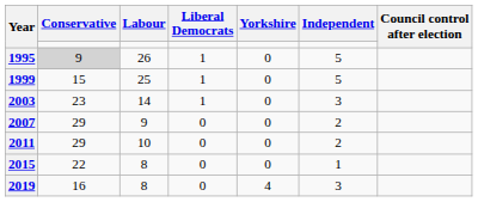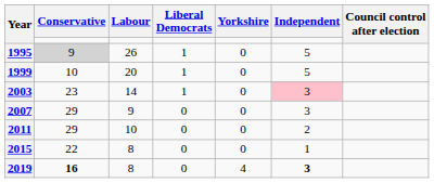 <table class="wikitable plainrowheaders" style="text-align:center">
 <tr>
 <th scope="col" rowspan="2">Year</th>
 <th scope="col"><a href='#'>Conservative</a></th>
 <th scope="col"><a href='#'>Labour</a></th>
 <th scope="col" style="width:1px"><a href='#'>Liberal Democrats</a></th>
 <th scope="col"><a href='#'>Yorkshire</a></th>
 <th scope="col"><a href='#'>Independent</a></th>
 <th scope="col" rowspan="2" colspan="2">Council control<br>after election</th>
 </tr>
 <tr>
 <td style="background:"></td>
 <td style="background:"></td>
 <td style="background:"></td>
 <td style="background:"></td>
 <td style="background:"></td>
 </tr>
 <tr>
 <th scope="row"><a href='#'>1995</a></th>
 <td style="background: lightgrey;">9</td>
 <td>26</td>
 <td>1</td>
 <td>0</td>
 <td>5</td>
 <td></td>
 </tr>
 <tr>
 <th scope="row"><a href='#'>1999</a></th>
-<td>15</td>
-<td>25</td>
+<td>10</td>
+<td>20</td>
 <td>1</td>
 <td>0</td>
 <td>5</td>
 <td></td>
 </tr>
 <tr>
 <th scope="row"><a href='#'>2003</a></th>
 <td>23</td>
 <td>14</td>
 <td>1</td>
 <td>0</td>
-<td>3</td>
+<td style="background: pink;">3</td>
 <td></td>
 </tr>
 <tr>
 <th scope="row"><a href='#'>2007</a></th>
 <td>29</td>
 <td>9</td>
 <td>0</td>
 <td>0</td>
-<td>2</td>
+<td>3</td>
 <td></td>
 </tr>
 <tr>
 <th scope="row"><a href='#'>2011</a></th>
 <td>29</td>
 <td>10</td>
 <td>0</td>
 <td>0</td>
 <td>2</td>
 <td></td>
 </tr>
 <tr>
 <th scope="row"><a href='#'>2015</a></th>
 <td>22</td>
 <td>8</td>
 <td>0</td>
 <td>0</td>
 <td>1</td>
 <td></td>
 </tr>
 <tr>
 <th scope="row"><a href='#'>2019</a></th>
-<td>16</td>
+<td><strong>16</strong></td>
 <td>8</td>
 <td>0</td>
 <td>4</td>
-<td>3</td>
+<td><strong>3</strong></td>
 <td></td>
 </tr>
 </table>
